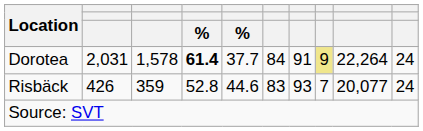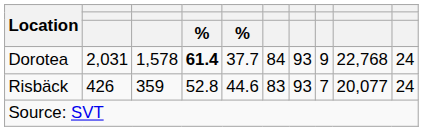 <table role="presentation" class="wikitable sortable mw-collapsible">
 <tr>
 <th rowspan="3">Location</th>
 <th></th>
 <th></th>
 <th></th>
 <th></th>
 <th></th>
 <th></th>
 <th></th>
 <th></th>
 <th></th>
 </tr>
 <tr>
 <th></th>
 <th></th>
 <th style="background:"></th>
 <th style="background:"></th>
 <th></th>
 <th></th>
 <th></th>
 <th></th>
 <th></th>
 </tr>
 <tr>
 <th data-sort-type="number"></th>
 <th data-sort-type="number"></th>
 <th data-sort-type="number">%</th>
 <th data-sort-type="number">%</th>
 <th data-sort-type="number"></th>
 <th data-sort-type="number"></th>
 <th data-sort-type="number"></th>
 <th data-sort-type="number"></th>
 <th data-sort-type="number"></th>
 </tr>
 <tr>
 <td align="left">Dorotea</td>
 <td>2,031</td>
 <td>1,578</td>
 <td><strong>61.4</strong></td>
 <td>37.7</td>
 <td>84</td>
-<td>91</td>
-<td style="background: khaki;">9</td>
-<td>22,264</td>
+<td>93</td>
+<td>9</td>
+<td>22,768</td>
 <td>24</td>
 </tr>
 <tr>
 <td align="left">Risbäck</td>
 <td>426</td>
 <td>359</td>
 <td>52.8</td>
 <td>44.6</td>
 <td>83</td>
 <td>93</td>
 <td>7</td>
 <td>20,077</td>
 <td>24</td>
 </tr>
 <tr>
 <td colspan="10" align="left">Source: <a href='#'>SVT</a></td>
 </tr>
 </table>
